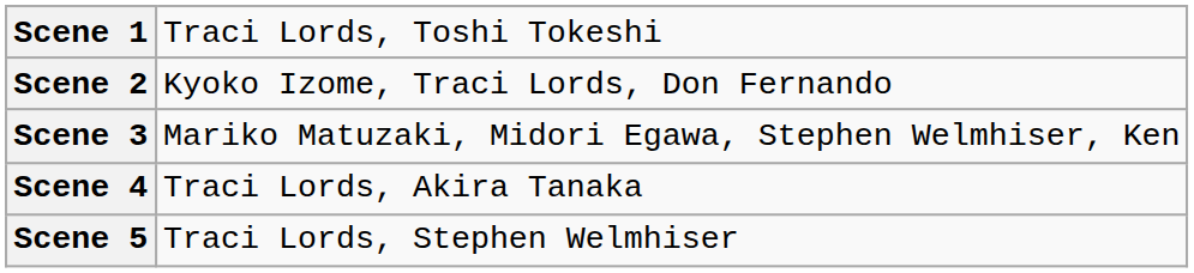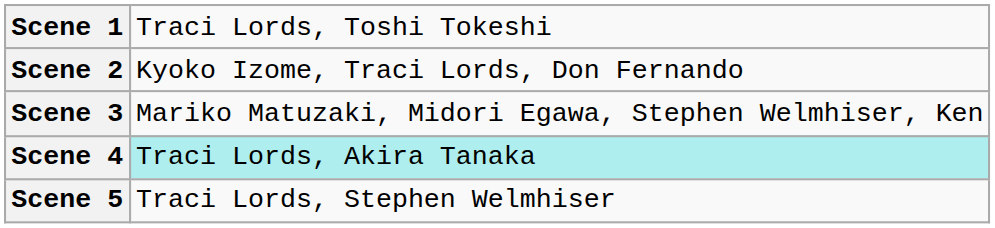 <table class="wikitable">
 <tr>
 <th>Scene 1</th>
 <td>Traci Lords, Toshi Tokeshi</td>
 </tr>
 <tr>
 <th>Scene 2</th>
 <td>Kyoko Izome, Traci Lords, Don Fernando</td>
 </tr>
 <tr>
 <th>Scene 3</th>
 <td>Mariko Matuzaki, Midori Egawa, Stephen Welmhiser, Ken</td>
 </tr>
 <tr>
 <th>Scene 4</th>
-<td>Traci Lords, Akira Tanaka</td>
+<td style="background: paleturquoise;">Traci Lords, Akira Tanaka</td>
 </tr>
 <tr>
 <th>Scene 5</th>
 <td>Traci Lords, Stephen Welmhiser</td>
 </tr>
 </table>
